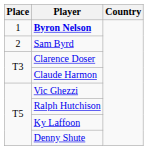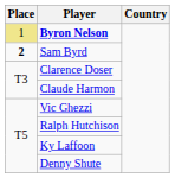 <table class=wikitable>
 <tr>
 <th>Place</th>
 <th>Player</th>
 <th>Country</th>
 </tr>
 <tr>
-<td align=center>1</td>
+<td align=center style="background: khaki;">1</td>
 <td> <strong><a href='#'>Byron Nelson</a></strong> </td>
 </tr>
 <tr>
-<td align=center>2</td>
+<td align=center><strong>2</strong></td>
 <td> <a href='#'>Sam Byrd</a> </td>
 </tr>
 <tr>
 <td align=center rowspan=2>T3</td>
 <td> <a href='#'>Clarence Doser</a> </td>
 </tr>
 <tr>
 <td> <a href='#'>Claude Harmon</a></td>
 </tr>
 <tr>
 <td align=center rowspan=4>T5</td>
 <td> <a href='#'>Vic Ghezzi</a> </td>
 </tr>
 <tr>
 <td> <a href='#'>Ralph Hutchison</a></td>
 </tr>
 <tr>
 <td> <a href='#'>Ky Laffoon</a></td>
 </tr>
 <tr>
 <td> <a href='#'>Denny Shute</a></td>
 </tr>
 </table>
